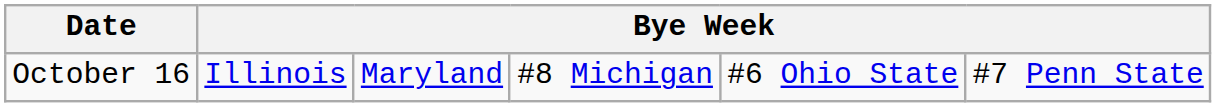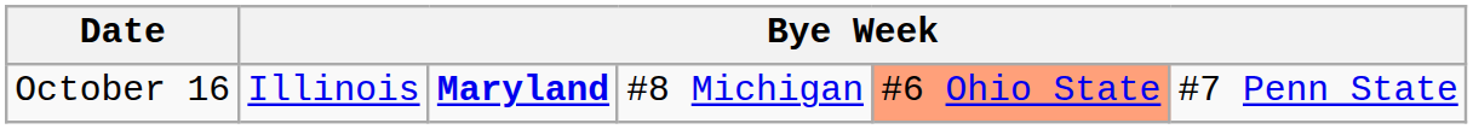 <table class="wikitable" style="font-size:95%;">
 <tr>
 <th>Date</th>
 <th colspan="5">Bye Week</th>
 </tr>
 <tr>
 <td>October 16</td>
 <td><a href='#'>Illinois</a></td>
-<td><a href='#'>Maryland</a></td>
+<td><strong><a href='#'>Maryland</a></strong></td>
 <td>#8 <a href='#'>Michigan</a></td>
-<td>#6 <a href='#'>Ohio State</a></td>
+<td style="background: lightsalmon;">#6 <a href='#'>Ohio State</a></td>
 <td>#7 <a href='#'>Penn State</a></td>
 </tr>
 </table>
